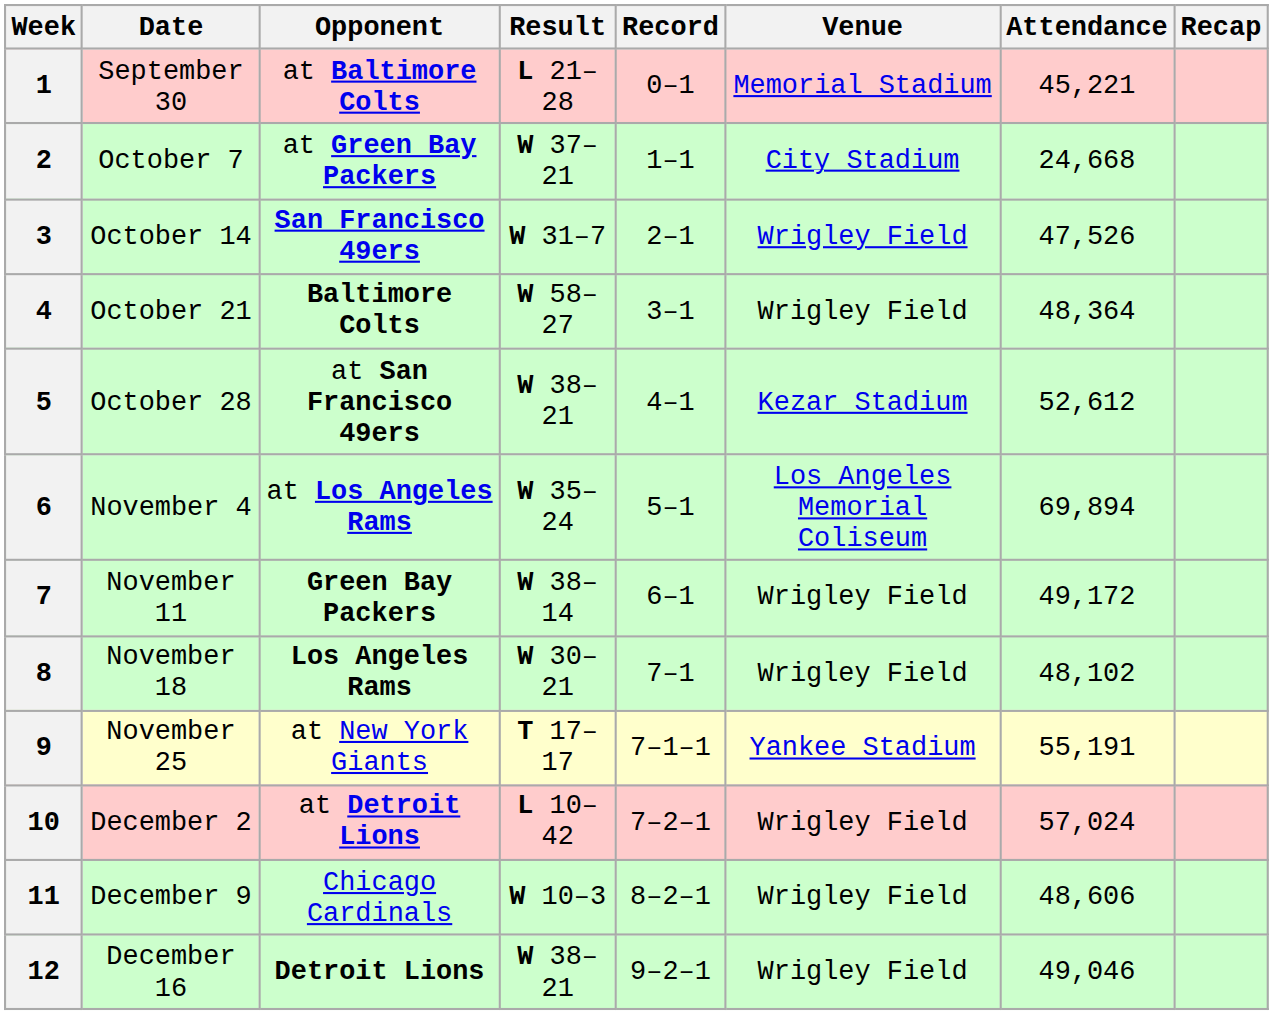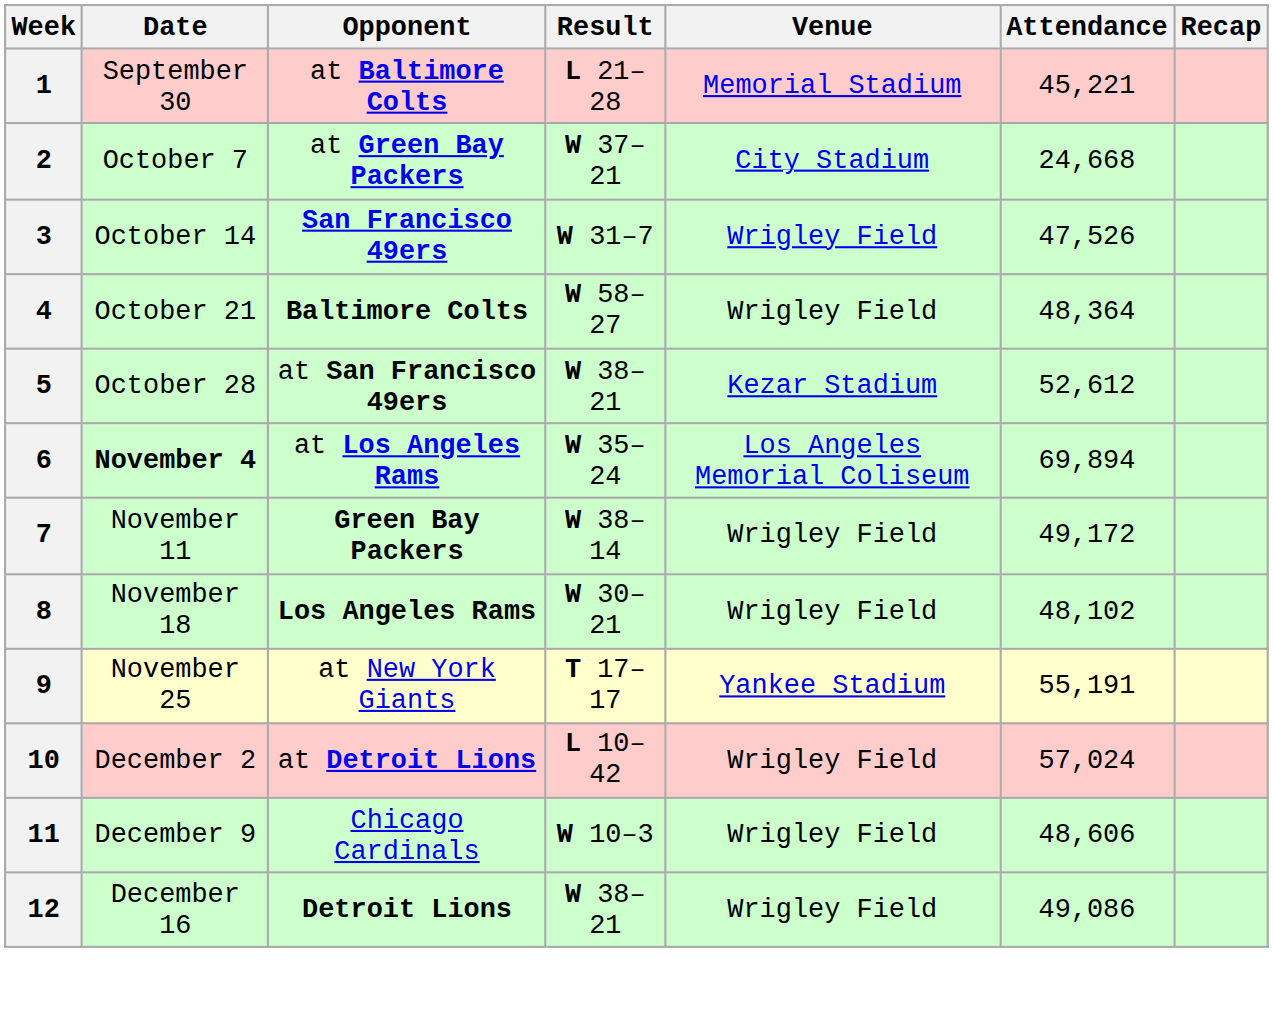 <table class="wikitable" style="text-align:center">
 <tr>
 <th>Week</th>
 <th>Date</th>
 <th>Opponent</th>
 <th>Result</th>
-<th>Record</th>
 <th>Venue</th>
 <th>Attendance</th>
 <th>Recap</th>
 </tr>
 <tr style="background: #fcc;">
 <th>1</th>
 <td>September 30</td>
 <td>at <strong><a href='#'>Baltimore Colts</a></strong></td>
 <td><strong>L</strong> 21–28</td>
-<td>0–1</td>
 <td><a href='#'>Memorial Stadium</a></td>
 <td>45,221</td>
 <td></td>
 </tr>
 <tr style="background: #cfc;">
 <th>2</th>
 <td>October 7</td>
 <td>at <strong><a href='#'>Green Bay Packers</a></strong></td>
 <td><strong>W</strong> 37–21</td>
-<td>1–1</td>
 <td><a href='#'>City Stadium</a></td>
 <td>24,668</td>
 <td></td>
 </tr>
 <tr style="background: #cfc;">
 <th>3</th>
 <td>October 14</td>
 <td><strong><a href='#'>San Francisco 49ers</a></strong></td>
 <td><strong>W</strong> 31–7</td>
-<td>2–1</td>
 <td><a href='#'>Wrigley Field</a></td>
 <td>47,526</td>
 <td></td>
 </tr>
 <tr style="background: #cfc;">
 <th>4</th>
 <td>October 21</td>
 <td><strong>Baltimore Colts</strong></td>
 <td><strong>W</strong> 58–27</td>
-<td>3–1</td>
 <td>Wrigley Field</td>
 <td>48,364</td>
 <td></td>
 </tr>
 <tr style="background: #cfc;">
 <th>5</th>
 <td>October 28</td>
 <td>at <strong>San Francisco 49ers</strong></td>
 <td><strong>W</strong> 38–21</td>
-<td>4–1</td>
 <td><a href='#'>Kezar Stadium</a></td>
 <td>52,612</td>
 <td></td>
 </tr>
 <tr style="background: #cfc;">
 <th>6</th>
-<td>November 4</td>
+<td><strong>November 4</strong></td>
 <td>at <strong><a href='#'>Los Angeles Rams</a></strong></td>
 <td><strong>W</strong> 35–24</td>
-<td>5–1</td>
 <td><a href='#'>Los Angeles Memorial Coliseum</a></td>
 <td>69,894</td>
 <td></td>
 </tr>
 <tr style="background: #cfc;">
 <th>7</th>
 <td>November 11</td>
 <td><strong>Green Bay Packers</strong></td>
 <td><strong>W</strong> 38–14</td>
-<td>6–1</td>
 <td>Wrigley Field</td>
 <td>49,172</td>
 <td></td>
 </tr>
 <tr style="background: #cfc;">
 <th>8</th>
 <td>November 18</td>
 <td><strong>Los Angeles Rams</strong></td>
 <td><strong>W</strong> 30–21</td>
-<td>7–1</td>
 <td>Wrigley Field</td>
 <td>48,102</td>
 <td></td>
 </tr>
 <tr style="background: #ffc;">
 <th>9</th>
 <td>November 25</td>
 <td>at <a href='#'>New York Giants</a></td>
 <td><strong>T</strong> 17–17</td>
-<td>7–1–1</td>
 <td><a href='#'>Yankee Stadium</a></td>
 <td>55,191</td>
 <td></td>
 </tr>
 <tr style="background: #fcc;">
 <th>10</th>
 <td>December 2</td>
 <td>at <strong><a href='#'>Detroit Lions</a></strong></td>
 <td><strong>L</strong> 10–42</td>
-<td>7–2–1</td>
 <td>Wrigley Field</td>
 <td>57,024</td>
 <td></td>
 </tr>
 <tr style="background: #cfc;">
 <th>11</th>
 <td>December 9</td>
 <td><a href='#'>Chicago Cardinals</a></td>
 <td><strong>W</strong> 10–3</td>
-<td>8–2–1</td>
 <td>Wrigley Field</td>
 <td>48,606</td>
 <td></td>
 </tr>
 <tr style="background: #cfc;">
 <th>12</th>
 <td>December 16</td>
 <td><strong>Detroit Lions</strong></td>
 <td><strong>W</strong> 38–21</td>
-<td>9–2–1</td>
 <td>Wrigley Field</td>
-<td>49,046</td>
+<td>49,086</td>
 <td></td>
 </tr>
 </table>
